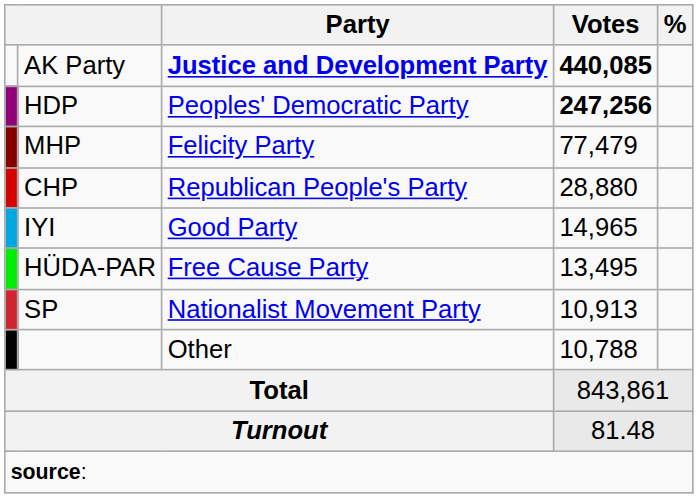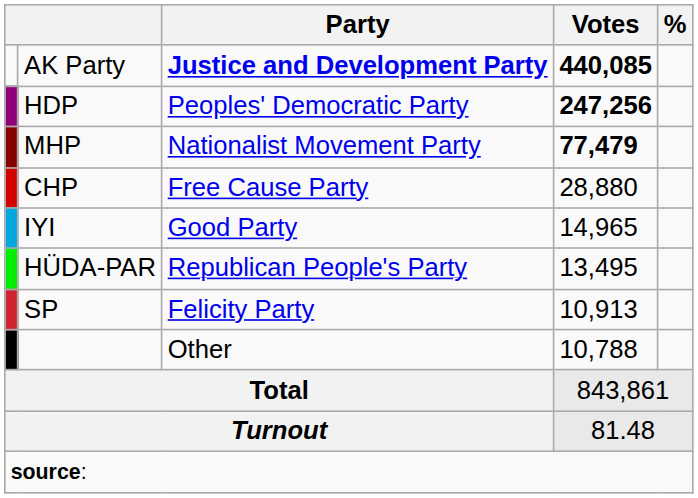 <table class="wikitable">
 <tr>
 <th colspan="2" align="center"></th>
 <th align="center">Party</th>
 <th align="center">Votes</th>
 <th align="center">%</th>
 </tr>
 <tr align="left">
 <td></td>
 <td>AK Party</td>
 <td><strong><a href='#'>Justice and Development Party</a></strong></td>
 <td><strong>440,085</strong></td>
 <td><strong></strong></td>
 </tr>
 <tr align="left">
 <td bgcolor="#91007B" width="1"></td>
 <td>HDP</td>
 <td><a href='#'>Peoples' Democratic Party</a></td>
 <td><strong>247,256</strong></td>
 <td></td>
 </tr>
 <tr align="left">
 <td bgcolor="#870000" width="1"></td>
 <td>MHP</td>
-<td><a href='#'>Felicity Party</a></td>
-<td>77,479</td>
+<td><a href='#'>Nationalist Movement Party</a></td>
+<td><strong>77,479</strong></td>
 <td></td>
 </tr>
 <tr align="left">
 <td bgcolor="#d50000" width="1"></td>
 <td>CHP</td>
-<td><a href='#'>Republican People's Party</a></td>
+<td><a href='#'>Free Cause Party</a></td>
 <td>28,880</td>
 <td></td>
 </tr>
 <tr align="left">
 <td bgcolor="#01A7E1" width="1"></td>
 <td>IYI</td>
 <td><a href='#'>Good Party</a></td>
 <td>14,965</td>
 <td></td>
 </tr>
 <tr align="left">
 <td bgcolor="#Green" width="1"></td>
 <td>HÜDA-PAR</td>
-<td><a href='#'>Free Cause Party</a></td>
+<td><a href='#'>Republican People's Party</a></td>
 <td>13,495</td>
 <td></td>
 </tr>
 <tr align="left">
 <td bgcolor="#D02433" width="1"></td>
 <td>SP</td>
-<td><a href='#'>Nationalist Movement Party</a></td>
+<td><a href='#'>Felicity Party</a></td>
 <td>10,913</td>
 <td></td>
 </tr>
 <tr align="left">
 <td bgcolor=" " width="1"></td>
 <td></td>
 <td>Other</td>
 <td>10,788</td>
 <td></td>
 </tr>
 <tr align="left" style="background-color:#E9E9E9">
 <th colspan="3" align="center"><strong>Total</strong></th>
 <td colspan="5" align="center">843,861</td>
 </tr>
 <tr align="left" style="background-color:#E9E9E9">
 <th colspan="3" align="center"><em>Turnout</em></th>
 <td colspan="5" align="center">81.48</td>
 </tr>
 <tr>
 <td colspan="9" align="left"><small><strong>source</strong>: </small></td>
 </tr>
 </table>
